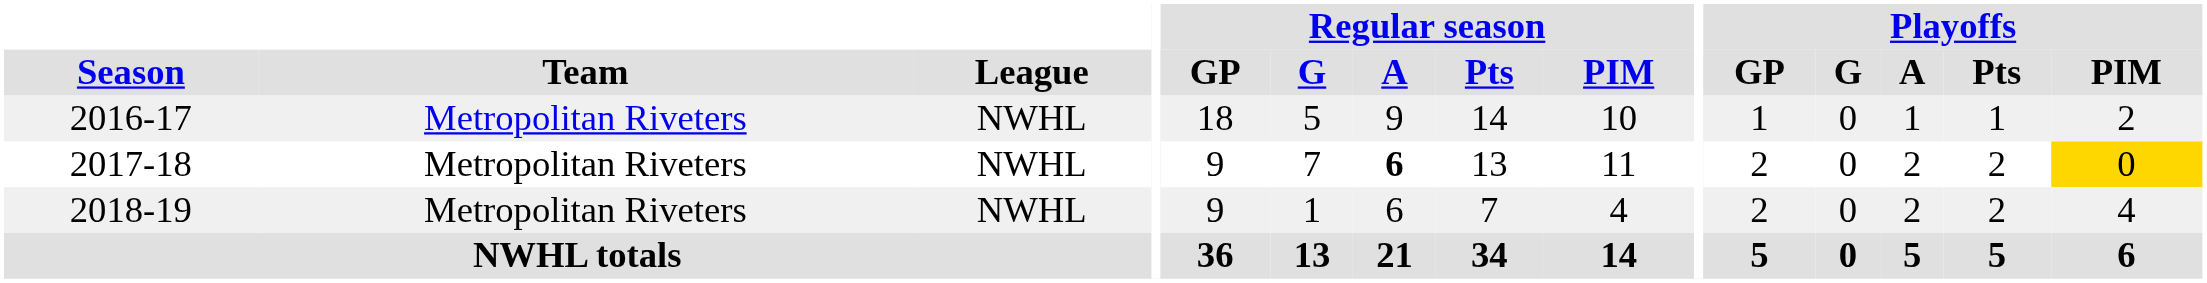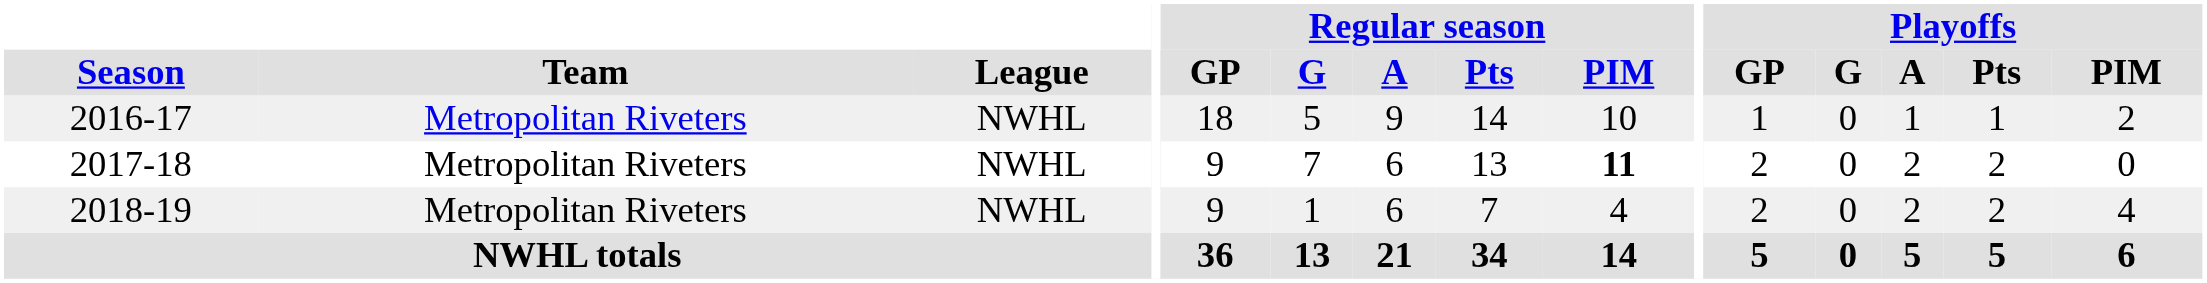 <table border="0" cellpadding="1" cellspacing="0" style="text-align:center; width:60em">
 <tr bgcolor="#e0e0e0">
 <th colspan="3" bgcolor="#ffffff"></th>
 <th rowspan="99" bgcolor="#ffffff"></th>
 <th colspan="5"><a href='#'>Regular season</a></th>
 <th rowspan="99" bgcolor="#ffffff"></th>
 <th colspan="5"><a href='#'>Playoffs</a></th>
 </tr>
 <tr bgcolor="#e0e0e0">
 <th><a href='#'>Season</a></th>
 <th>Team</th>
 <th>League</th>
 <th>GP</th>
 <th><a href='#'>G</a></th>
 <th><a href='#'>A</a></th>
 <th><a href='#'>Pts</a></th>
 <th><a href='#'>PIM</a></th>
 <th>GP</th>
 <th>G</th>
 <th>A</th>
 <th>Pts</th>
 <th>PIM</th>
 </tr>
 <tr>
 </tr>
 <tr bgcolor="#f0f0f0">
 <td>2016-17</td>
 <td><a href='#'>Metropolitan Riveters</a></td>
 <td>NWHL</td>
 <td>18</td>
 <td>5</td>
 <td>9</td>
 <td>14</td>
 <td>10</td>
 <td>1</td>
 <td>0</td>
 <td>1</td>
 <td>1</td>
 <td>2</td>
 </tr>
 <tr>
 <td>2017-18</td>
 <td>Metropolitan Riveters</td>
 <td>NWHL</td>
 <td>9</td>
 <td>7</td>
-<td><strong>6</strong></td>
+<td>6</td>
 <td>13</td>
-<td>11</td>
+<td><strong>11</strong></td>
 <td>2</td>
 <td>0</td>
 <td>2</td>
 <td>2</td>
-<td style="background: gold;">0</td>
+<td>0</td>
 </tr>
 <tr bgcolor="#f0f0f0">
 <td>2018-19</td>
 <td>Metropolitan Riveters</td>
 <td>NWHL</td>
 <td>9</td>
 <td>1</td>
 <td>6</td>
 <td>7</td>
 <td>4</td>
 <td>2</td>
 <td>0</td>
 <td>2</td>
 <td>2</td>
 <td>4</td>
 </tr>
 <tr bgcolor="#e0e0e0">
 <th colspan="3">NWHL totals</th>
 <th>36</th>
 <th>13</th>
 <th>21</th>
 <th>34</th>
 <th>14</th>
 <th>5</th>
 <th>0</th>
 <th>5</th>
 <th>5</th>
 <th>6</th>
 </tr>
 </table>
